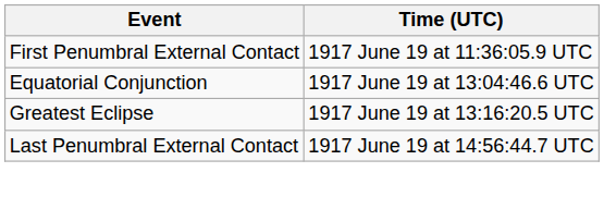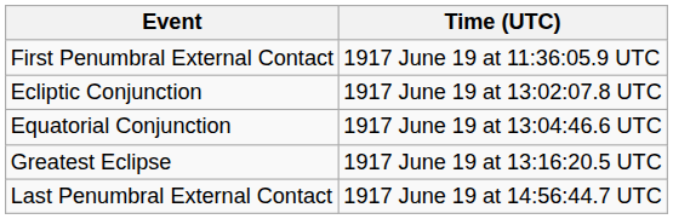 <table class="wikitable">
 <tr>
 <th>Event</th>
 <th>Time (UTC)</th>
 </tr>
 <tr>
 <td>First Penumbral External Contact</td>
 <td>1917 June 19 at 11:36:05.9 UTC</td>
+</tr>
+<tr>
+<td>Ecliptic Conjunction</td>
+<td>1917 June 19 at 13:02:07.8 UTC</td>
 </tr>
 <tr>
 <td>Equatorial Conjunction</td>
 <td>1917 June 19 at 13:04:46.6 UTC</td>
 </tr>
 <tr>
 <td>Greatest Eclipse</td>
 <td>1917 June 19 at 13:16:20.5 UTC</td>
 </tr>
 <tr>
 <td>Last Penumbral External Contact</td>
 <td>1917 June 19 at 14:56:44.7 UTC</td>
 </tr>
 </table>
